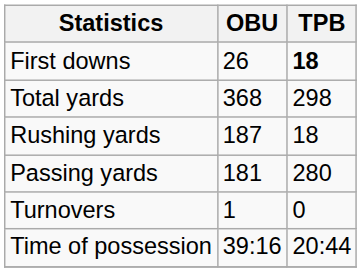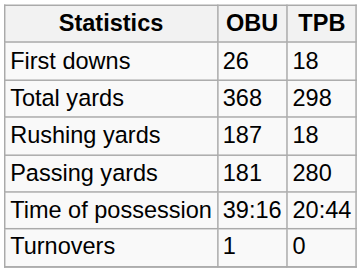 <table class="wikitable" style="float: left;">
 <tr>
 <th>Statistics</th>
 <th>OBU</th>
 <th>TPB</th>
 </tr>
 <tr>
 <td>First downs</td>
 <td>26</td>
-<td><strong>18</strong></td>
+<td>18</td>
 </tr>
 <tr>
 <td>Total yards</td>
 <td>368</td>
 <td>298</td>
 </tr>
 <tr>
 <td>Rushing yards</td>
 <td>187</td>
 <td>18</td>
 </tr>
 <tr>
 <td>Passing yards</td>
 <td>181</td>
 <td>280</td>
 </tr>
 <tr>
+<td>Time of possession</td>
+<td>39:16</td>
+<td>20:44</td>
+</tr>
+<tr>
 <td>Turnovers</td>
 <td>1</td>
 <td>0</td>
 </tr>
 <tr>
-<td>Time of possession</td>
-<td>39:16</td>
-<td>20:44</td>
-</tr>
-<tr>
 </tr>
 </table>
